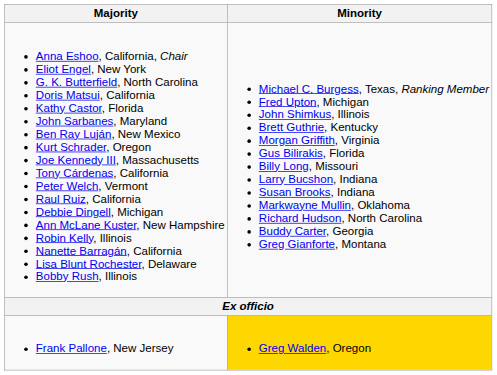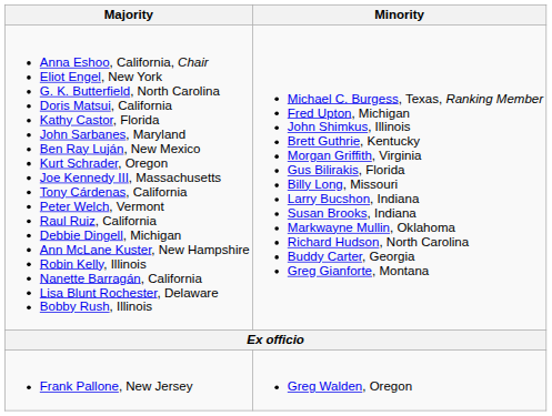 <table class=wikitable>
 <tr>
 <th>Majority</th>
 <th>Minority</th>
 </tr>
 <tr>
 <td><br><ul><li><a href='#'>Anna Eshoo</a>, California, <em>Chair</em></li><li><a href='#'>Eliot Engel</a>, New York</li><li><a href='#'>G. K. Butterfield</a>, North Carolina</li><li><a href='#'>Doris Matsui</a>, California</li><li><a href='#'>Kathy Castor</a>, Florida</li><li><a href='#'>John Sarbanes</a>, Maryland</li><li><a href='#'>Ben Ray Luján</a>, New Mexico</li><li><a href='#'>Kurt Schrader</a>, Oregon</li><li><a href='#'>Joe Kennedy III</a>, Massachusetts</li><li><a href='#'>Tony Cárdenas</a>, California</li><li><a href='#'>Peter Welch</a>, Vermont</li><li><a href='#'>Raul Ruiz</a>, California</li><li><a href='#'>Debbie Dingell</a>, Michigan</li><li><a href='#'>Ann McLane Kuster</a>, New Hampshire</li><li><a href='#'>Robin Kelly</a>, Illinois</li><li><a href='#'>Nanette Barragán</a>, California</li><li><a href='#'>Lisa Blunt Rochester</a>, Delaware</li><li><a href='#'>Bobby Rush</a>, Illinois</li></ul></td>
 <td><br><ul><li><a href='#'>Michael C. Burgess</a>, Texas, <em>Ranking Member</em></li><li><a href='#'>Fred Upton</a>, Michigan</li><li><a href='#'>John Shimkus</a>, Illinois</li><li><a href='#'>Brett Guthrie</a>, Kentucky</li><li><a href='#'>Morgan Griffith</a>, Virginia</li><li><a href='#'>Gus Bilirakis</a>, Florida</li><li><a href='#'>Billy Long</a>, Missouri</li><li><a href='#'>Larry Bucshon</a>, Indiana</li><li><a href='#'>Susan Brooks</a>, Indiana</li><li><a href='#'>Markwayne Mullin</a>, Oklahoma</li><li><a href='#'>Richard Hudson</a>, North Carolina</li><li><a href='#'>Buddy Carter</a>, Georgia</li><li><a href='#'>Greg Gianforte</a>, Montana</li></ul></td>
 </tr>
 <tr>
 <th colspan=2><em>Ex officio</em></th>
 </tr>
 <tr>
 <td><br><ul><li><a href='#'>Frank Pallone</a>, New Jersey</li></ul></td>
-<td style="background: gold;"><br><ul><li><a href='#'>Greg Walden</a>, Oregon</li></ul></td>
+<td><br><ul><li><a href='#'>Greg Walden</a>, Oregon</li></ul></td>
 </tr>
 </table>
